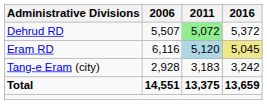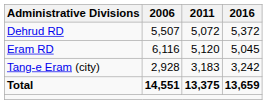 <table class="wikitable">
 <tr>
 <th>Administrative Divisions</th>
 <th>2006</th>
 <th>2011</th>
 <th>2016</th>
 </tr>
 <tr>
 <td><a href='#'>Dehrud RD</a></td>
 <td style="text-align: right;">5,507</td>
-<td style="background: lightgreen; text-align: right;">5,072</td>
+<td style="text-align: right;">5,072</td>
 <td style="text-align: right;">5,372</td>
 </tr>
 <tr>
 <td><a href='#'>Eram RD</a></td>
 <td style="text-align: right;">6,116</td>
-<td style="background: lightblue; text-align: right;">5,120</td>
-<td style="background: khaki; text-align: right;">5,045</td>
+<td style="text-align: right;">5,120</td>
+<td style="text-align: right;">5,045</td>
 </tr>
 <tr>
 <td><a href='#'>Tang-e Eram</a> (city)</td>
 <td style="text-align: right;">2,928</td>
 <td style="text-align: right;">3,183</td>
 <td style="text-align: right;">3,242</td>
 </tr>
 <tr>
 <td><strong>Total</strong></td>
 <td style="text-align: right;"><strong>14,551</strong></td>
 <td style="text-align: right;"><strong>13,375</strong></td>
 <td style="text-align: right;"><strong>13,659</strong></td>
 </tr>
 <tr>
 <td colspan=4></td>
 </tr>
 </table>
